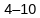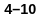 <table style="text-align:center">
 <tr>
 <th width=200></th>
 <th width=100></th>
 <th width=200></th>
 </tr>
 <tr>
 <td align=right></td>
-<td>4–10</td>
+<td><strong>4–10</strong></td>
 <td align=left><strong></strong></td>
 </tr>
 </table>
